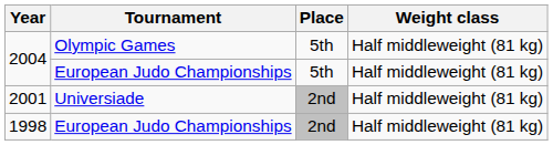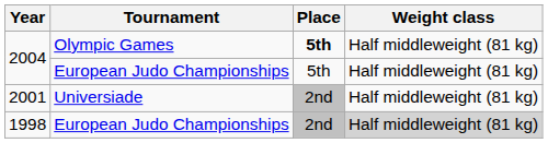 <table class=wikitable>
 <tr>
 <th>Year</th>
 <th>Tournament</th>
 <th>Place</th>
 <th>Weight class</th>
 </tr>
 <tr>
 <td rowspan=2>2004</td>
 <td><a href='#'>Olympic Games</a></td>
-<td align="center">5th</td>
+<td align="center"><strong>5th</strong></td>
 <td>Half middleweight (81 kg)</td>
 </tr>
 <tr>
 <td><a href='#'>European Judo Championships</a></td>
 <td align="center">5th</td>
 <td>Half middleweight (81 kg)</td>
 </tr>
 <tr>
 <td>2001</td>
 <td><a href='#'>Universiade</a></td>
 <td bgcolor="silver" align="center">2nd</td>
 <td>Half middleweight (81 kg)</td>
 </tr>
 <tr>
 <td>1998</td>
 <td><a href='#'>European Judo Championships</a></td>
 <td bgcolor="silver" align="center">2nd</td>
-<td>Half middleweight (81 kg)</td>
+<td style="background: lightgrey;">Half middleweight (81 kg)</td>
 </tr>
 </table>
